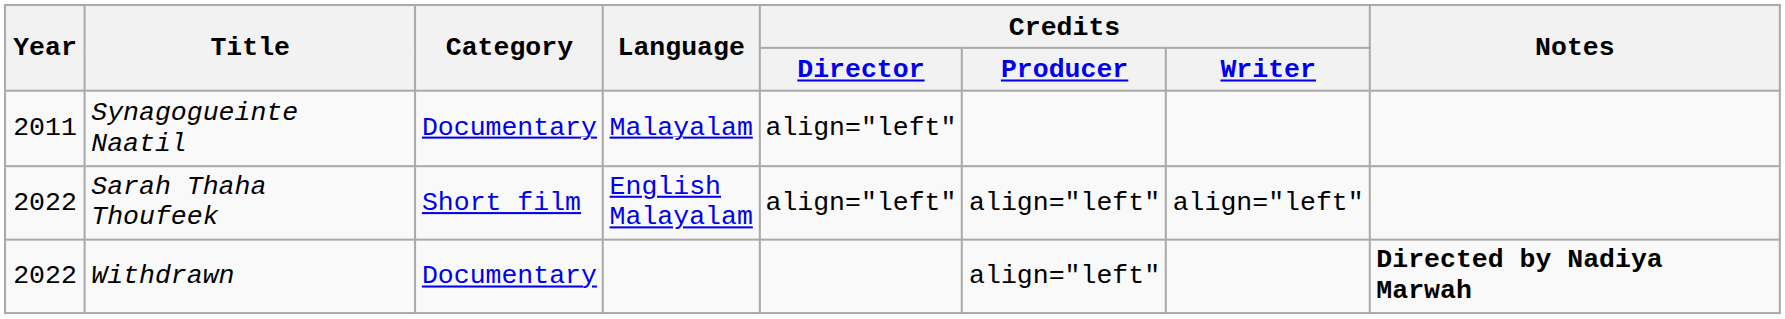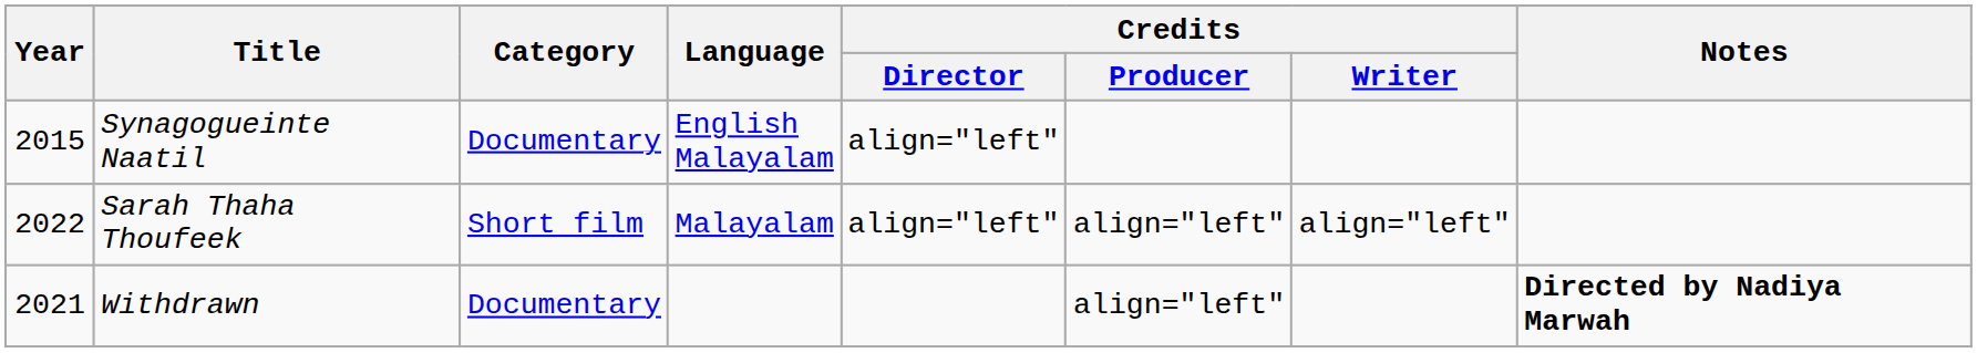 <table class="wikitable sortable">
 <tr>
 <th rowspan="2" width="33">Year</th>
 <th rowspan="2">Title</th>
 <th rowspan="2">Category</th>
 <th rowspan="2">Language</th>
 <th colspan="3">Credits</th>
 <th rowspan="2">Notes</th>
 </tr>
 <tr>
 <th width=65><a href='#'>Director</a></th>
 <th width=65><a href='#'>Producer</a></th>
 <th width=65><a href='#'>Writer</a></th>
 </tr>
 <tr align="center">
-<td align="center" rowspan="1">2011</td>
+<td align="center" rowspan="1">2015</td>
 <td align="left"><em>Synagogueinte Naatil</em></td>
 <td align="left"><a href='#'>Documentary</a></td>
-<td align="left"><a href='#'>Malayalam</a></td>
+<td align="left"><a href='#'>English</a><br><a href='#'>Malayalam</a></td>
 <td>align="left" </td>
 <td></td>
 <td></td>
 <td align="left"></td>
 </tr>
 <tr align="center">
 <td align="center" rowspan="1">2022</td>
 <td align="left"><em>Sarah Thaha Thoufeek</em></td>
 <td align="left"><a href='#'>Short film</a></td>
-<td align="left"><a href='#'>English</a><br><a href='#'>Malayalam</a></td>
+<td align="left"><a href='#'>Malayalam</a></td>
 <td>align="left" </td>
 <td>align="left" </td>
 <td>align="left" </td>
 <td align="left"></td>
 </tr>
 <tr align="center">
-<td align="center" rowspan="1">2022</td>
+<td align="center" rowspan="1">2021</td>
 <td align="left"><em>Withdrawn</em></td>
 <td align="left"><a href='#'>Documentary</a></td>
 <td align="left"></td>
 <td></td>
 <td>align="left" </td>
 <td></td>
 <td align="left"><strong>Directed by Nadiya Marwah</strong></td>
 </tr>
 </table>
